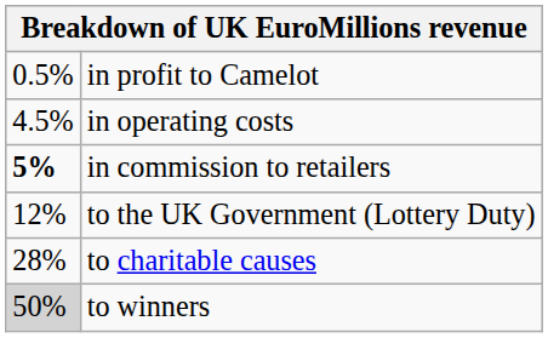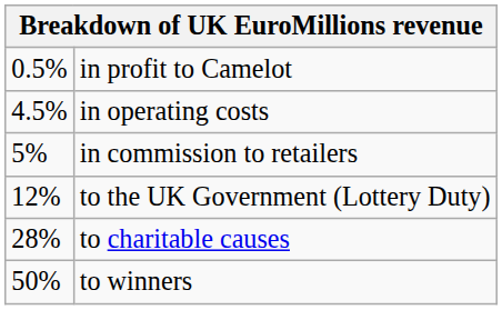 <table class="wikitable">
 <tr style="background:#efefef;">
 <th colspan="2">Breakdown of UK EuroMillions revenue</th>
 </tr>
 <tr>
 <td>0.5%</td>
 <td>in profit to Camelot</td>
 </tr>
 <tr>
 <td>4.5%</td>
 <td>in operating costs</td>
 </tr>
 <tr>
-<td><strong>5%</strong></td>
+<td>5%</td>
 <td>in commission to retailers</td>
 </tr>
 <tr>
 <td>12%</td>
 <td>to the UK Government (Lottery Duty)</td>
 </tr>
 <tr>
 <td>28%</td>
 <td>to <a href='#'>charitable causes</a></td>
 </tr>
 <tr>
-<td style="background: lightgrey;">50%</td>
+<td>50%</td>
 <td>to winners</td>
 </tr>
 </table>
